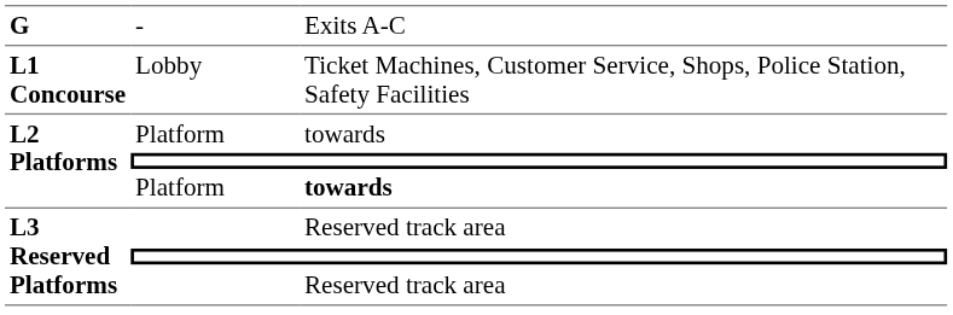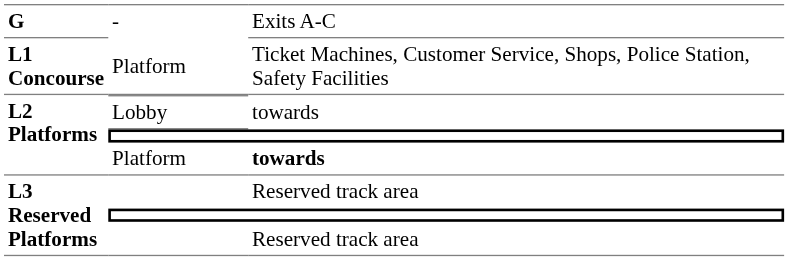 <table border=0 cellspacing=0 cellpadding=3>
 <tr>
 <td style="border-top:solid 1px gray;" width=50 valign=top><strong>G</strong></td>
 <td style="border-top:solid 1px gray;" width=100 valign=top>-</td>
 <td style="border-top:solid 1px gray;" width=400 valign=top>Exits A-C</td>
 </tr>
 <tr>
 <td style="border-bottom:solid 1px gray; border-top:solid 1px gray;" valign=top><strong>L1<br>Concourse</strong></td>
-<td style="border-bottom:solid 1px gray; border-top:solid 1px gray;" valign=top>Lobby</td>
+<td style="border-bottom:solid 1px gray;">Platform </td>
 <td style="border-bottom:solid 1px gray; border-top:solid 1px gray;" valign=top>Ticket Machines, Customer Service, Shops, Police Station, Safety Facilities</td>
 </tr>
 <tr>
 <td style="border-bottom:solid 1px gray;" rowspan=3 valign=top><strong>L2<br>Platforms</strong></td>
-<td>Platform </td>
+<td style="border-bottom:solid 1px gray; border-top:solid 1px gray;" valign=top>Lobby</td>
 <td>  towards  </td>
 </tr>
 <tr>
 <td style="border-right:solid 2px black;border-left:solid 2px black;border-top:solid 2px black;border-bottom:solid 2px black;text-align:center;" colspan=2></td>
 </tr>
 <tr>
 <td style="border-bottom:solid 1px gray;">Platform </td>
 <td style="border-bottom:solid 1px gray;"><strong> towards   </strong></td>
 </tr>
 <tr>
 <td style="border-bottom:solid 1px gray;" rowspan=3 valign=top><strong>L3<br>Reserved Platforms</strong></td>
 <td></td>
 <td> Reserved track area</td>
 </tr>
 <tr>
 <td style="border-right:solid 2px black;border-left:solid 2px black;border-top:solid 2px black;border-bottom:solid 2px black;text-align:center;" colspan=2></td>
 </tr>
 <tr>
 <td style="border-bottom:solid 1px gray;"></td>
 <td style="border-bottom:solid 1px gray;"> Reserved track area</td>
 </tr>
 </table>
